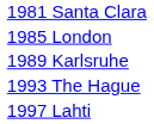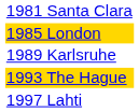 <table>
 <tr>
 <td><a href='#'>1981 Santa Clara</a></td>
 <td></td>
 <td></td>
 <td></td>
 </tr>
 <tr>
-<td><a href='#'>1985 London</a></td>
+<td style="background: gold;"><a href='#'>1985 London</a></td>
 <td></td>
 <td></td>
 <td></td>
 </tr>
 <tr>
 <td><a href='#'>1989 Karlsruhe</a></td>
 <td></td>
 <td></td>
 <td></td>
 </tr>
 <tr>
-<td><a href='#'>1993 The Hague</a></td>
+<td style="background: gold;"><a href='#'>1993 The Hague</a></td>
 <td></td>
 <td></td>
 <td></td>
 </tr>
 <tr>
 <td><a href='#'>1997 Lahti</a></td>
 <td></td>
 <td></td>
 <td></td>
 </tr>
 </table>
